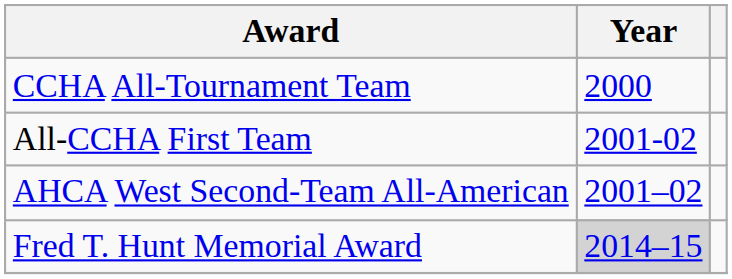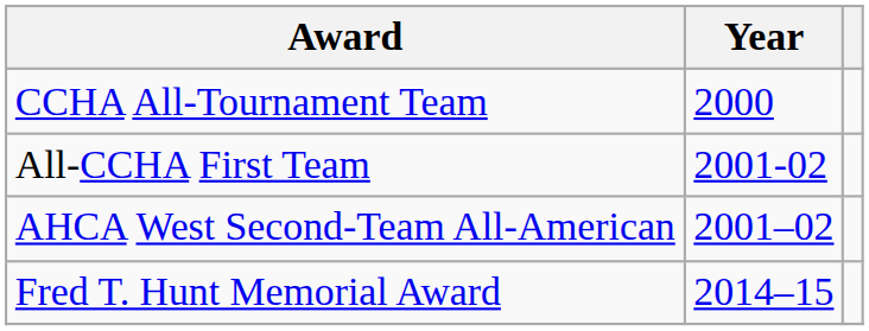 <table class="wikitable">
 <tr>
 <th>Award</th>
 <th>Year</th>
 <th></th>
 </tr>
 <tr>
 <td><a href='#'>CCHA</a> <a href='#'>All-Tournament Team</a></td>
 <td><a href='#'>2000</a></td>
 <td></td>
 </tr>
 <tr>
 <td>All-<a href='#'>CCHA</a> <a href='#'>First Team</a></td>
 <td><a href='#'>2001-02</a></td>
 <td></td>
 </tr>
 <tr>
 <td><a href='#'>AHCA</a> <a href='#'>West Second-Team All-American</a></td>
 <td><a href='#'>2001–02</a></td>
 <td></td>
 </tr>
 <tr>
 <td><a href='#'>Fred T. Hunt Memorial Award</a></td>
-<td style="background: lightgrey;"><a href='#'>2014–15</a></td>
+<td><a href='#'>2014–15</a></td>
 <td></td>
 </tr>
 <tr>
 </tr>
 </table>
